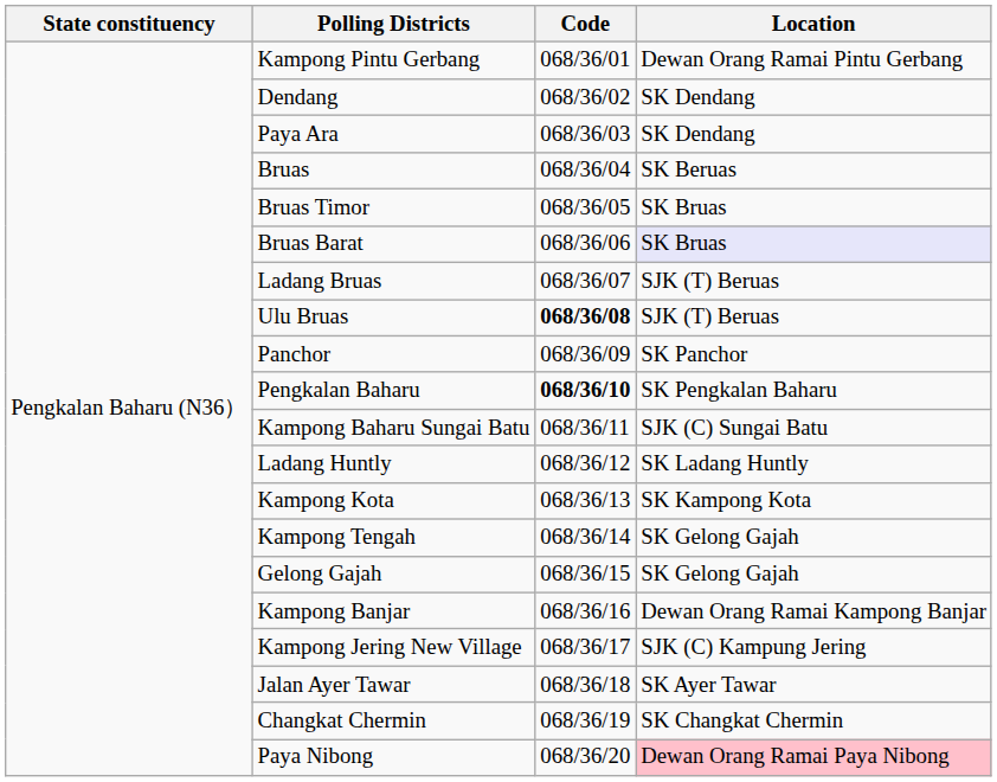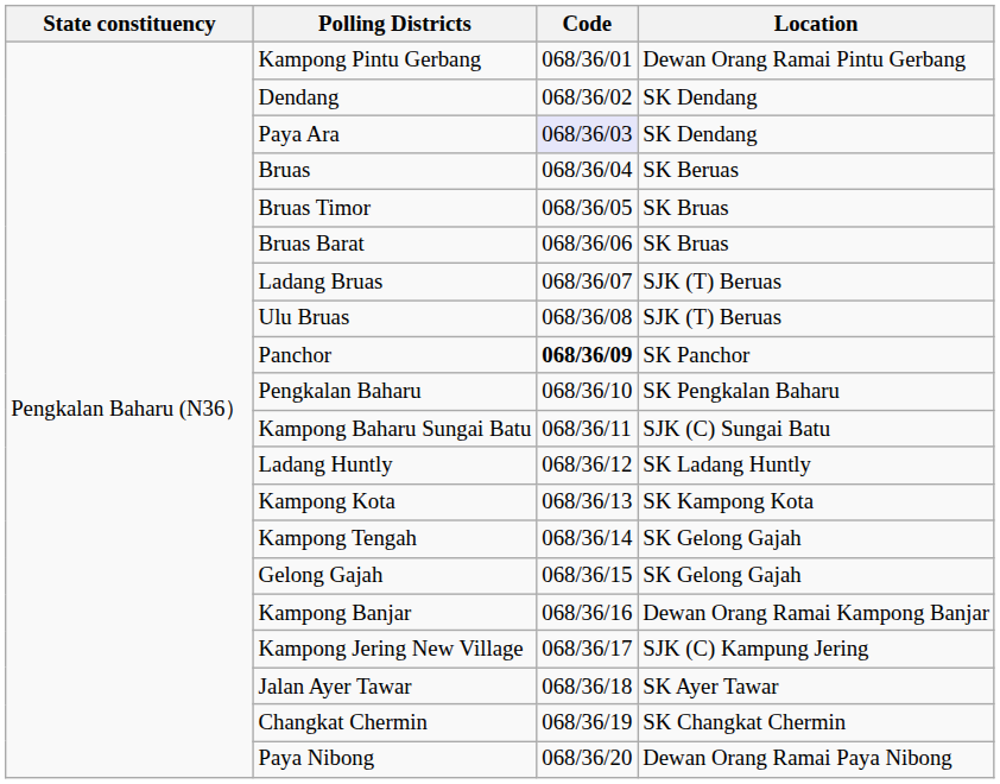 <table class="wikitable sortable mw-collapsible" style="white-space:nowrap;font-size:85%">
 <tr>
 <th>State constituency</th>
 <th>Polling Districts</th>
 <th>Code</th>
 <th>Location</th>
 </tr>
 <tr>
 <td rowspan="20">Pengkalan Baharu (N36）</td>
 <td>Kampong Pintu Gerbang</td>
 <td>068/36/01</td>
 <td>Dewan Orang Ramai Pintu Gerbang</td>
 </tr>
 <tr>
 <td>Dendang</td>
 <td>068/36/02</td>
 <td>SK Dendang</td>
 </tr>
 <tr>
 <td>Paya Ara</td>
-<td>068/36/03</td>
+<td style="background: lavender;">068/36/03</td>
 <td>SK Dendang</td>
 </tr>
 <tr>
 <td>Bruas</td>
 <td>068/36/04</td>
 <td>SK Beruas</td>
 </tr>
 <tr>
 <td>Bruas Timor</td>
 <td>068/36/05</td>
 <td>SK Bruas</td>
 </tr>
 <tr>
 <td>Bruas Barat</td>
 <td>068/36/06</td>
-<td style="background: lavender;">SK Bruas</td>
+<td>SK Bruas</td>
 </tr>
 <tr>
 <td>Ladang Bruas</td>
 <td>068/36/07</td>
 <td>SJK (T) Beruas</td>
 </tr>
 <tr>
 <td>Ulu Bruas</td>
-<td><strong>068/36/08</strong></td>
+<td>068/36/08</td>
 <td>SJK (T) Beruas</td>
 </tr>
 <tr>
 <td>Panchor</td>
-<td>068/36/09</td>
+<td><strong>068/36/09</strong></td>
 <td>SK Panchor</td>
 </tr>
 <tr>
 <td>Pengkalan Baharu</td>
-<td><strong>068/36/10</strong></td>
+<td>068/36/10</td>
 <td>SK Pengkalan Baharu</td>
 </tr>
 <tr>
 <td>Kampong Baharu Sungai Batu</td>
 <td>068/36/11</td>
 <td>SJK (C) Sungai Batu</td>
 </tr>
 <tr>
 <td>Ladang Huntly</td>
 <td>068/36/12</td>
 <td>SK Ladang Huntly</td>
 </tr>
 <tr>
 <td>Kampong Kota</td>
 <td>068/36/13</td>
 <td>SK Kampong Kota</td>
 </tr>
 <tr>
 <td>Kampong Tengah</td>
 <td>068/36/14</td>
 <td>SK Gelong Gajah</td>
 </tr>
 <tr>
 <td>Gelong Gajah</td>
 <td>068/36/15</td>
 <td>SK Gelong Gajah</td>
 </tr>
 <tr>
 <td>Kampong Banjar</td>
 <td>068/36/16</td>
 <td>Dewan Orang Ramai Kampong Banjar</td>
 </tr>
 <tr>
 <td>Kampong Jering New Village</td>
 <td>068/36/17</td>
 <td>SJK (C) Kampung Jering</td>
 </tr>
 <tr>
 <td>Jalan Ayer Tawar</td>
 <td>068/36/18</td>
 <td>SK Ayer Tawar</td>
 </tr>
 <tr>
 <td>Changkat Chermin</td>
 <td>068/36/19</td>
 <td>SK Changkat Chermin</td>
 </tr>
 <tr>
 <td>Paya Nibong</td>
 <td>068/36/20</td>
-<td style="background: pink;">Dewan Orang Ramai Paya Nibong</td>
+<td>Dewan Orang Ramai Paya Nibong</td>
 </tr>
 </table>
